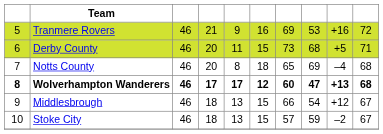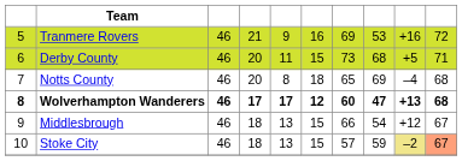 <table class="toccolours" border="1" cellpadding="4" cellspacing="0" style="text-align:center; border-collapse: collapse; margin:0;">
 <tr>
 <th width=30></th>
 <th>Team</th>
 <th width="30"></th>
 <th width="30"></th>
 <th width="30"></th>
 <th width="30"></th>
 <th width="30"></th>
 <th width="30"></th>
 <th width="30"></th>
 <th width="30"></th>
 </tr>
 <tr bgcolor="#D1E231">
 <td>5</td>
 <td align=left><a href='#'>Tranmere Rovers</a></td>
 <td>46</td>
 <td>21</td>
 <td>9</td>
 <td>16</td>
 <td>69</td>
 <td>53</td>
 <td>+16</td>
 <td>72</td>
 </tr>
 <tr bgcolor="#D1E231">
 <td>6</td>
 <td align=left><a href='#'>Derby County</a></td>
 <td>46</td>
 <td>20</td>
 <td>11</td>
 <td>15</td>
 <td>73</td>
 <td>68</td>
 <td>+5</td>
 <td>71</td>
 </tr>
 <tr>
 <td>7</td>
 <td align=left><a href='#'>Notts County</a></td>
 <td>46</td>
 <td>20</td>
 <td>8</td>
 <td>18</td>
 <td>65</td>
 <td>69</td>
 <td>–4</td>
 <td>68</td>
 </tr>
 <tr>
 <td><strong>8</strong></td>
 <td align=left><strong>Wolverhampton Wanderers</strong></td>
 <td><strong>46</strong></td>
 <td><strong>17</strong></td>
 <td><strong>17</strong></td>
 <td><strong>12</strong></td>
 <td><strong>60</strong></td>
 <td><strong>47</strong></td>
 <td><strong>+13</strong></td>
 <td><strong>68</strong></td>
 </tr>
 <tr>
 <td>9</td>
 <td align=left><a href='#'>Middlesbrough</a></td>
 <td>46</td>
 <td>18</td>
 <td>13</td>
 <td>15</td>
 <td>66</td>
 <td>54</td>
 <td>+12</td>
 <td>67</td>
 </tr>
 <tr>
 <td>10</td>
 <td align=left><a href='#'>Stoke City</a></td>
 <td>46</td>
 <td>18</td>
 <td>13</td>
 <td>15</td>
 <td>57</td>
 <td>59</td>
-<td>–2</td>
-<td>67</td>
+<td style="background: khaki;">–2</td>
+<td style="background: lightsalmon;">67</td>
 </tr>
 <tr>
 </tr>
 </table>
